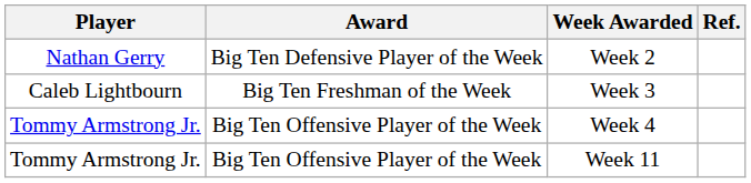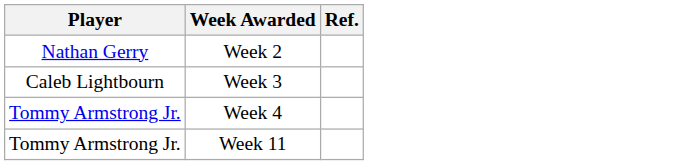 <table class="wikitable sortable sortable" style="text-align: center">
 <tr align=center>
 <th>Player</th>
-<th>Award</th>
 <th>Week Awarded</th>
 <th>Ref.</th>
 </tr>
 <tr>
 <td style="background:white"><a href='#'>Nathan Gerry</a></td>
-<td style="background:white">Big Ten Defensive Player of the Week</td>
 <td style="background:white">Week 2</td>
 <td style="background:white"></td>
 </tr>
 <tr>
 <td style="background:white">Caleb Lightbourn</td>
-<td style="background:white">Big Ten Freshman of the Week</td>
 <td style="background:white">Week 3</td>
 <td style="background:white"></td>
 </tr>
 <tr>
 <td style="background:white"><a href='#'>Tommy Armstrong Jr.</a></td>
-<td style="background:white">Big Ten Offensive Player of the Week</td>
 <td style="background:white">Week 4</td>
 <td style="background:white"></td>
 </tr>
 <tr>
 <td style="background:white">Tommy Armstrong Jr.</td>
-<td style="background:white">Big Ten Offensive Player of the Week</td>
 <td style="background:white">Week 11</td>
 <td style="background:white"></td>
 </tr>
 </table>
